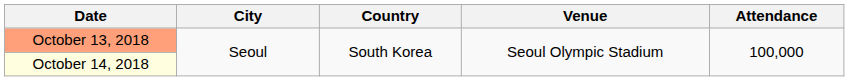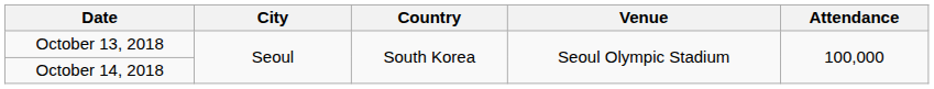 <table class="wikitable" style="text-align:center">
 <tr>
 <th scope="col" style="width:11em;">Date</th>
 <th scope="col" style="width:9em;">City</th>
 <th scope="col" style="width:9em;">Country</th>
 <th scope="col" style="width:16em;">Venue</th>
 <th scope="col" style="width:8.5em;">Attendance</th>
 </tr>
 <tr>
-<td style="background: lightsalmon;">October 13, 2018</td>
+<td>October 13, 2018</td>
 <td rowspan="2">Seoul</td>
 <td rowspan="2">South Korea</td>
 <td rowspan="2">Seoul Olympic Stadium</td>
 <td rowspan="2">100,000</td>
 </tr>
 <tr>
-<td style="background: lightyellow;">October 14, 2018</td>
+<td>October 14, 2018</td>
 </tr>
 </table>
